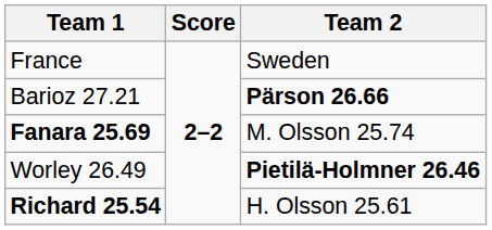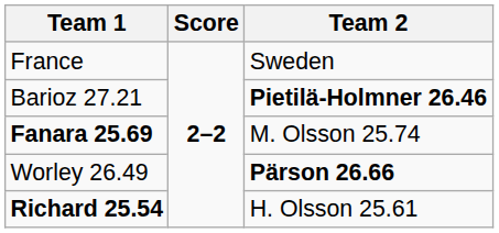 <table class="wikitable">
 <tr>
 <th>Team 1</th>
 <th>Score</th>
 <th>Team 2</th>
 </tr>
 <tr>
 <td> France</td>
 <td rowspan=5 align="center"><strong>2–2</strong></td>
 <td> Sweden</td>
 </tr>
 <tr>
 <td>Barioz 27.21</td>
-<td><strong>Pärson 26.66</strong></td>
+<td><strong>Pietilä-Holmner 26.46</strong></td>
 </tr>
 <tr>
 <td><strong>Fanara 25.69</strong></td>
 <td>M. Olsson 25.74</td>
 </tr>
 <tr>
 <td>Worley 26.49</td>
-<td><strong>Pietilä-Holmner 26.46</strong></td>
+<td><strong>Pärson 26.66</strong></td>
 </tr>
 <tr>
 <td><strong>Richard 25.54</strong></td>
 <td>H. Olsson 25.61</td>
 </tr>
 </table>
